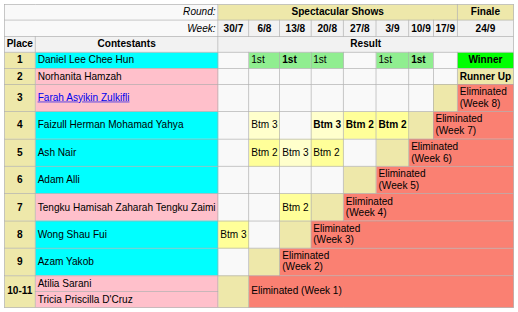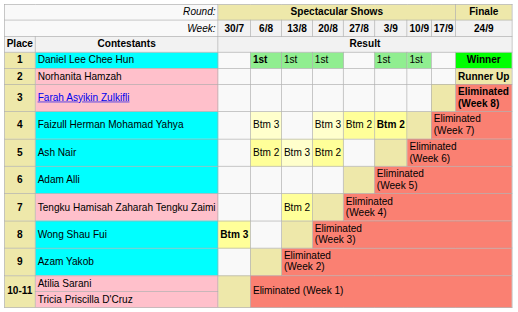 <table class="wikitable">
 <tr>
 <td colspan="2" align="right"><em>Round:</em></td>
 <td colspan="8" bgcolor="palegoldenrod" align="Center"><strong>Spectacular Shows</strong></td>
 <td colspan="1" bgcolor="palegoldenrod" align="Center"><strong>Finale</strong></td>
 </tr>
 <tr>
 <td colspan="2" align="right"><em>Week:</em></td>
 <th><strong>30/7</strong></th>
 <th><strong>6/8</strong></th>
 <th><strong>13/8</strong></th>
 <th><strong>20/8</strong></th>
 <th><strong>27/8</strong></th>
 <th><strong>3/9</strong></th>
 <th><strong>10/9</strong></th>
 <th><strong>17/9</strong></th>
 <th><strong>24/9</strong></th>
 </tr>
 <tr>
 <th>Place</th>
 <th>Contestants</th>
 <th colspan="11" align="center">Result</th>
 </tr>
 <tr>
 <td align="center" bgcolor="palegoldenrod"><strong>1</strong></td>
 <td bgcolor="cyan">Daniel Lee Chee Hun</td>
 <td></td>
+<td bgcolor="lightgreen"><strong>1st</strong></td>
 <td bgcolor="lightgreen">1st</td>
-<td bgcolor="lightgreen"><strong>1st</strong></td>
 <td bgcolor="lightgreen">1st</td>
 <td></td>
 <td bgcolor="lightgreen">1st</td>
-<td bgcolor="lightgreen"><strong>1st</strong></td>
+<td bgcolor="lightgreen">1st</td>
 <td></td>
 <td align="center" bgcolor="lime"><strong>Winner</strong></td>
 </tr>
 <tr>
 <td align="center" bgcolor="palegoldenrod"><strong>2</strong></td>
 <td bgcolor="pink">Norhanita Hamzah</td>
 <td></td>
 <td></td>
 <td></td>
 <td></td>
 <td></td>
 <td></td>
 <td></td>
 <td></td>
 <td align="center" bgcolor="palegoldenrod"><strong>Runner Up</strong></td>
 </tr>
 <tr>
 <td align="center" bgcolor="palegoldenrod"><strong>3</strong></td>
 <td bgcolor="pink"><a href='#'>Farah Asyikin Zulkifli</a></td>
 <td></td>
 <td></td>
 <td></td>
 <td></td>
 <td></td>
 <td></td>
 <td></td>
 <td bgcolor="palegoldenrod" align="center"></td>
-<td colspan="1" style="background:salmon;">Eliminated <br> (Week 8)</td>
+<td colspan="1" style="background:salmon;"><strong>Eliminated <br> (Week 8)</strong></td>
 </tr>
 <tr>
 <td align="center" bgcolor="palegoldenrod"><strong>4</strong></td>
 <td bgcolor="cyan">Faizull Herman Mohamad Yahya</td>
 <td></td>
 <td bgcolor="#ffc">Btm 3</td>
 <td></td>
-<td bgcolor="#ffc"><strong>Btm 3</strong></td>
-<td bgcolor="#ff9"><strong>Btm 2</strong></td>
+<td bgcolor="#ffc">Btm 3</td>
+<td bgcolor="#ff9">Btm 2</td>
 <td bgcolor="#ff9"><strong>Btm 2</strong></td>
 <td bgcolor="palegoldenrod" align="center"></td>
 <td colspan="2" style="background:salmon;">Eliminated <br> (Week 7)</td>
 </tr>
 <tr>
 <td align="center" bgcolor="palegoldenrod"><strong>5</strong></td>
 <td bgcolor="cyan">Ash Nair</td>
 <td></td>
 <td bgcolor="#ff9">Btm 2</td>
 <td bgcolor="#ffc">Btm 3</td>
 <td bgcolor="#ff9">Btm 2</td>
 <td></td>
 <td bgcolor="palegoldenrod" align="center"></td>
 <td colspan="3" style="background:salmon;">Eliminated <br> (Week 6)</td>
 </tr>
 <tr>
 <td align="center" bgcolor="palegoldenrod"><strong>6</strong></td>
 <td bgcolor="cyan">Adam Alli</td>
 <td></td>
 <td></td>
 <td></td>
 <td></td>
 <td bgcolor="palegoldenrod" align="center"></td>
 <td colspan="4" style="background:salmon;">Eliminated <br> (Week 5)</td>
 </tr>
 <tr>
 <td align="center" bgcolor="palegoldenrod"><strong>7</strong></td>
 <td bgcolor="pink">Tengku Hamisah Zaharah Tengku Zaimi</td>
 <td></td>
 <td></td>
 <td bgcolor="#ff9">Btm 2</td>
 <td bgcolor="palegoldenrod" align="center"></td>
 <td colspan="5" style="background:salmon;">Eliminated <br> (Week 4)</td>
 </tr>
 <tr>
 <td align="center" bgcolor="palegoldenrod"><strong>8</strong></td>
 <td bgcolor="cyan">Wong Shau Fui</td>
-<td bgcolor="#ff9">Btm 3</td>
+<td bgcolor="#ff9"><strong>Btm 3</strong></td>
 <td></td>
 <td bgcolor="palegoldenrod" align="center"></td>
 <td colspan="6" style="background:salmon;">Eliminated <br> (Week 3)</td>
 </tr>
 <tr>
 <td align="center" bgcolor="palegoldenrod"><strong>9</strong></td>
 <td bgcolor="cyan">Azam Yakob</td>
 <td></td>
 <td bgcolor="palegoldenrod" align="center"></td>
 <td colspan="7" style="background:salmon;">Eliminated <br> (Week 2)</td>
 </tr>
 <tr>
 <td align="center" bgcolor="palegoldenrod" rowspan="2"><strong>10-11</strong></td>
 <td bgcolor="pink">Atilia Sarani</td>
 <td bgcolor="palegoldenrod" align="center" rowspan="2"></td>
 <td style="background:salmon;" colspan="8" rowspan="2">Eliminated (Week 1)</td>
 </tr>
 <tr>
 <td bgcolor="pink">Tricia Priscilla D'Cruz</td>
 </tr>
 </table>
